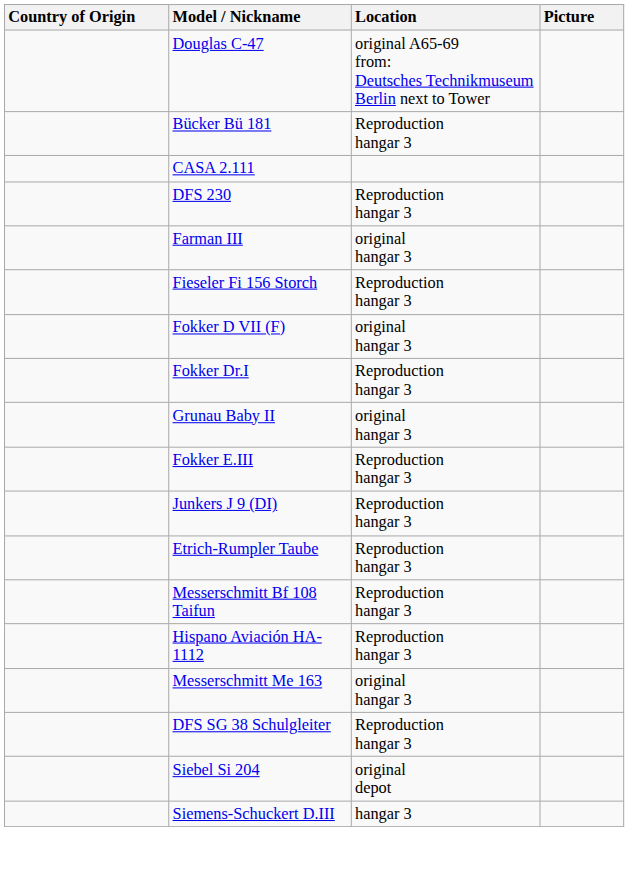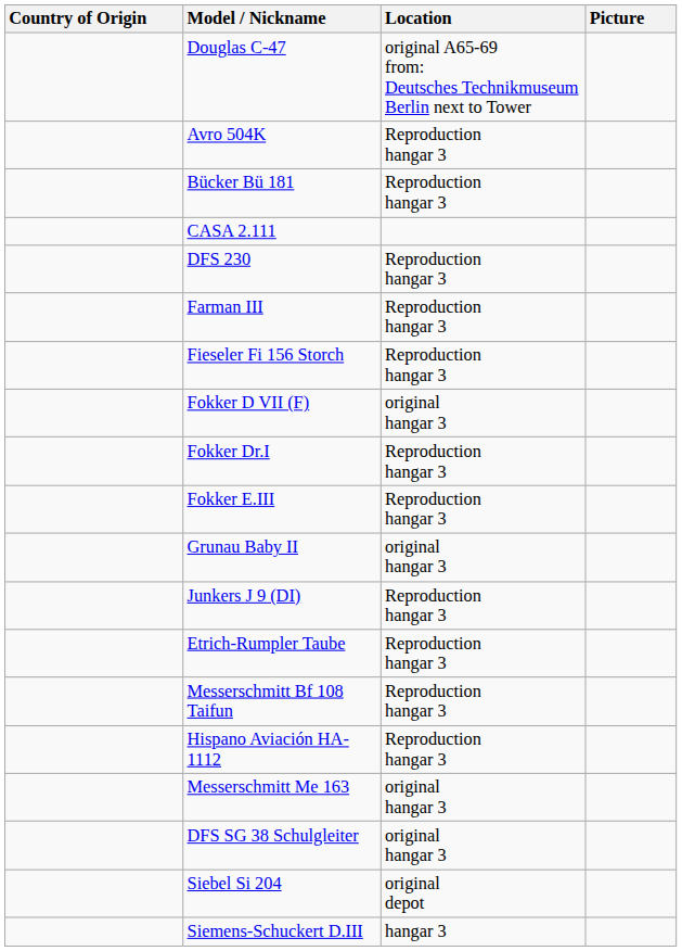 <table class="wikitable sortable">
 <tr>
 <th style="text-align:left" width=250px>Country of Origin</th>
 <th ! style="text-align:left" width=250px>Model / Nickname</th>
 <th ! style="text-align:left" width=250px class="unsortable">Location</th>
 <th ! style="text-align:left" width=100px class="unsortable">Picture</th>
 </tr>
 <tr style="vertical-align:top">
 <td style="text-align:left"></td>
 <td style="text-align:left"><a href='#'>Douglas C-47</a></td>
 <td style="text-align:left">original A65-69<br>from:<br><a href='#'>Deutsches Technikmuseum Berlin</a> next to Tower</td>
+<td style="text-align:left"></td>
+</tr>
+<tr style="vertical-align:top">
+<td style="text-align:left"></td>
+<td style="text-align:left"><a href='#'>Avro 504K</a></td>
+<td style="text-align:left">Reproduction<br>hangar 3</td>
 <td style="text-align:left"></td>
 </tr>
 <tr style="vertical-align:top">
 <td style="text-align:left"></td>
 <td style="text-align:left"><a href='#'>Bücker Bü 181</a></td>
 <td style="text-align:left">Reproduction<br>hangar 3</td>
 <td style="text-align:left"></td>
 </tr>
 <tr style="vertical-align:top">
 <td style="text-align:left"></td>
 <td style="text-align:left"><a href='#'>CASA 2.111</a></td>
 <td style="text-align:left"></td>
 <td style="text-align:left"></td>
 </tr>
 <tr style="vertical-align:top">
 <td style="text-align:left"></td>
 <td style="text-align:left"><a href='#'>DFS 230</a></td>
 <td style="text-align:left">Reproduction<br>hangar 3</td>
 <td style="text-align:left"></td>
 </tr>
 <tr style="vertical-align:top">
 <td style="text-align:left"></td>
 <td style="text-align:left"><a href='#'>Farman III</a></td>
-<td style="text-align:left">original<br>hangar 3</td>
+<td style="text-align:left">Reproduction<br>hangar 3</td>
 <td style="text-align:left"></td>
 </tr>
 <tr style="vertical-align:top">
 <td style="text-align:left"></td>
 <td style="text-align:left"><a href='#'>Fieseler Fi 156 Storch</a></td>
 <td style="text-align:left">Reproduction<br>hangar 3</td>
 <td style="text-align:left"></td>
 </tr>
 <tr style="vertical-align:top">
 <td style="text-align:left"></td>
 <td style="text-align:left"><a href='#'>Fokker D VII (F)</a></td>
 <td style="text-align:left">original<br>hangar 3</td>
 <td style="text-align:left"></td>
 </tr>
 <tr style="vertical-align:top">
 <td style="text-align:left"></td>
 <td style="text-align:left"><a href='#'>Fokker Dr.I</a></td>
 <td style="text-align:left">Reproduction<br>hangar 3</td>
 <td style="text-align:left"></td>
 </tr>
 <tr style="vertical-align:top">
 <td style="text-align:left"></td>
-<td style="text-align:left"><a href='#'>Grunau Baby II</a></td>
-<td style="text-align:left">original<br>hangar 3</td>
+<td style="text-align:left"><a href='#'>Fokker E.III</a></td>
+<td style="text-align:left">Reproduction<br>hangar 3</td>
 <td style="text-align:left"></td>
 </tr>
 <tr style="vertical-align:top">
 <td style="text-align:left"></td>
-<td style="text-align:left"><a href='#'>Fokker E.III</a></td>
-<td style="text-align:left">Reproduction<br>hangar 3</td>
+<td style="text-align:left"><a href='#'>Grunau Baby II</a></td>
+<td style="text-align:left">original<br>hangar 3</td>
 <td style="text-align:left"></td>
 </tr>
 <tr style="vertical-align:top">
 <td style="text-align:left"></td>
 <td style="text-align:left"><a href='#'>Junkers J 9 (DI)</a></td>
 <td style="text-align:left">Reproduction<br>hangar 3</td>
 <td style="text-align:left"></td>
 </tr>
 <tr style="vertical-align:top">
 <td style="text-align:left"></td>
 <td style="text-align:left"><a href='#'>Etrich-Rumpler Taube</a></td>
 <td style="text-align:left">Reproduction<br>hangar 3</td>
 <td style="text-align:left"></td>
 </tr>
 <tr style="vertical-align:top">
 <td style="text-align:left"></td>
 <td style="text-align:left"><a href='#'>Messerschmitt Bf 108 Taifun</a></td>
 <td style="text-align:left">Reproduction<br>hangar 3</td>
 <td style="text-align:left"></td>
 </tr>
 <tr style="vertical-align:top">
 <td style="text-align:left"></td>
 <td style="text-align:left"><a href='#'>Hispano Aviación HA-1112</a></td>
 <td style="text-align:left">Reproduction<br>hangar 3</td>
 <td style="text-align:left"></td>
 </tr>
 <tr style="vertical-align:top">
 <td style="text-align:left"></td>
 <td style="text-align:left"><a href='#'>Messerschmitt Me 163</a></td>
 <td style="text-align:left">original<br>hangar 3</td>
 <td style="text-align:left"></td>
 </tr>
 <tr style="vertical-align:top">
 <td style="text-align:left"></td>
 <td style="text-align:left"><a href='#'>DFS SG 38 Schulgleiter</a></td>
-<td style="text-align:left">Reproduction<br>hangar 3</td>
+<td style="text-align:left">original<br>hangar 3</td>
 <td style="text-align:left"></td>
 </tr>
 <tr style="vertical-align:top">
 <td style="text-align:left"></td>
 <td style="text-align:left"><a href='#'>Siebel Si 204</a></td>
 <td style="text-align:left">original<br>depot</td>
 <td style="text-align:left"></td>
 </tr>
 <tr style="vertical-align:top">
 <td style="text-align:left"></td>
 <td style="text-align:left"><a href='#'>Siemens-Schuckert D.III</a></td>
 <td style="text-align:left">hangar 3</td>
 <td style="text-align:left"></td>
 </tr>
 </table>
